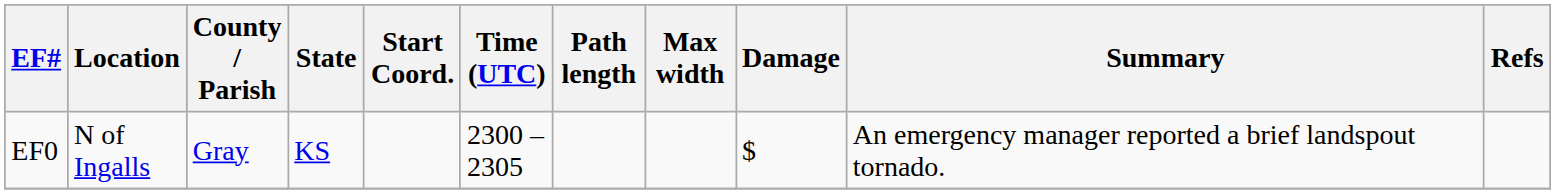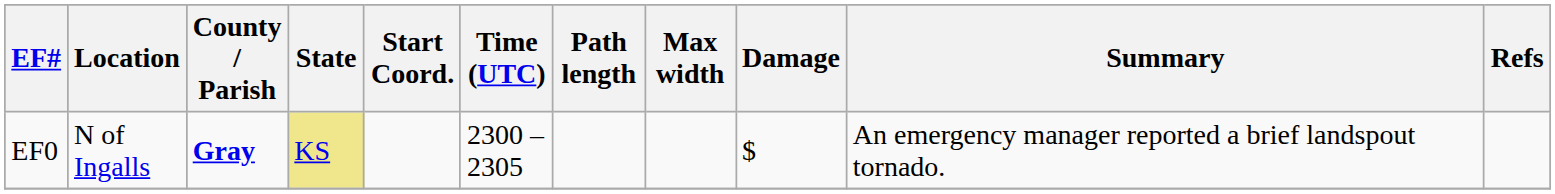 <table class="wikitable sortable" style="width:100%;">
 <tr>
 <th scope="col" width="3%" align="center"><a href='#'>EF#</a></th>
 <th scope="col" width="7%" align="center" class="unsortable">Location</th>
 <th scope="col" width="6%" align="center" class="unsortable">County / Parish</th>
 <th scope="col" width="5%" align="center">State</th>
 <th scope="col" width="6%" align="center">Start Coord.</th>
 <th scope="col" width="6%" align="center">Time (<a href='#'>UTC</a>)</th>
 <th scope="col" width="6%" align="center">Path length</th>
 <th scope="col" width="6%" align="center">Max width</th>
 <th scope="col" width="6%" align="center">Damage</th>
 <th scope="col" width="48%" class="unsortable" align="center">Summary</th>
 <th scope="col" width="48%" class="unsortable" align="center">Refs</th>
 </tr>
 <tr>
 <td>EF0</td>
 <td>N of <a href='#'>Ingalls</a></td>
-<td><a href='#'>Gray</a></td>
-<td><a href='#'>KS</a></td>
+<td><strong><a href='#'>Gray</a></strong></td>
+<td style="background: khaki;"><a href='#'>KS</a></td>
 <td></td>
 <td>2300 – 2305</td>
 <td></td>
 <td></td>
 <td>$</td>
 <td>An emergency manager reported a brief landspout tornado.</td>
 <td></td>
 </tr>
 <tr>
 </tr>
 </table>
